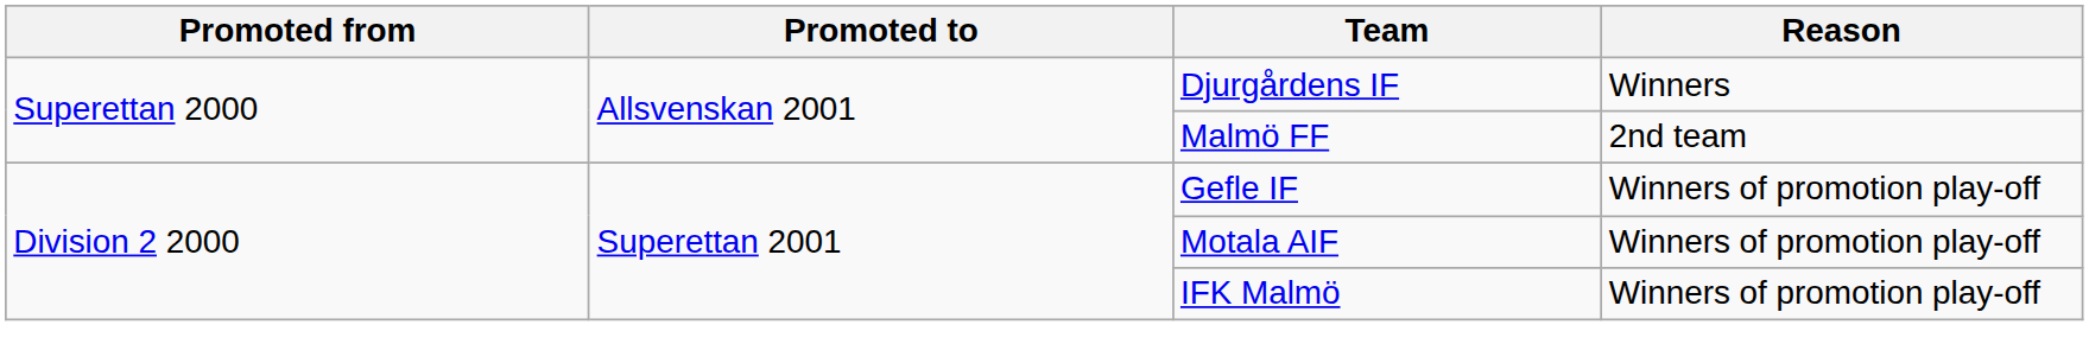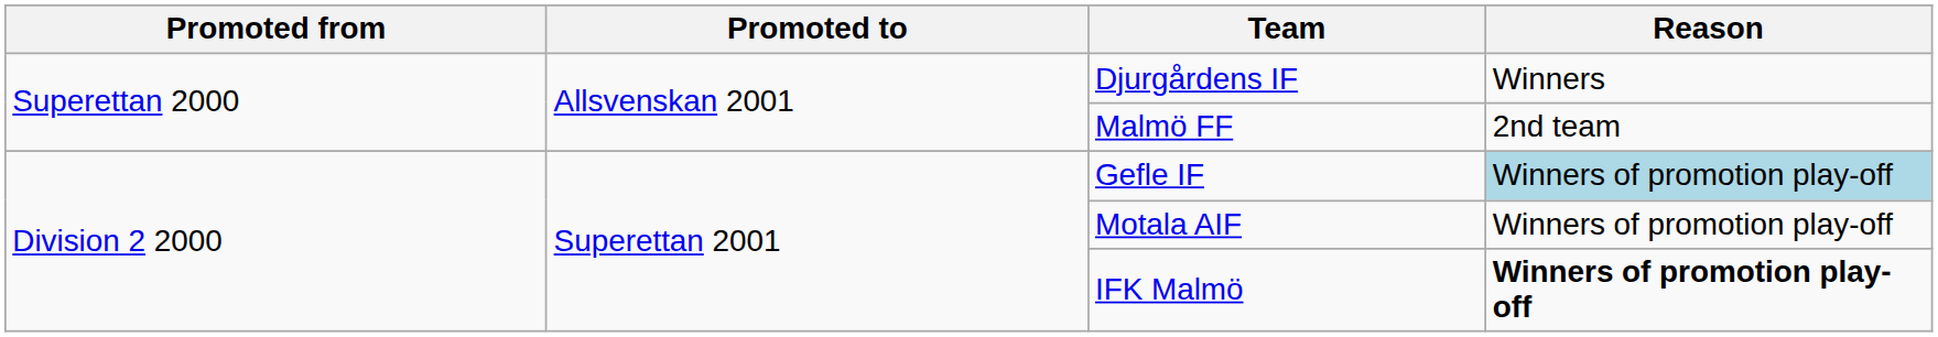 <table class="wikitable" style="text-align: left;">
 <tr>
 <th style="width: 275px;">Promoted from</th>
 <th style="width: 275px;">Promoted to</th>
 <th style="width: 200px;">Team</th>
 <th style="width: 225px;">Reason</th>
 </tr>
 <tr>
 <td rowspan=2><a href='#'>Superettan</a> 2000</td>
 <td rowspan=2><a href='#'>Allsvenskan</a> 2001</td>
 <td><a href='#'>Djurgårdens IF</a></td>
 <td>Winners</td>
 </tr>
 <tr>
 <td><a href='#'>Malmö FF</a></td>
 <td>2nd team</td>
 </tr>
 <tr>
 <td rowspan=3><a href='#'>Division 2</a> 2000</td>
 <td rowspan=3><a href='#'>Superettan</a> 2001</td>
 <td><a href='#'>Gefle IF</a></td>
-<td>Winners of promotion play-off</td>
+<td style="background: lightblue;">Winners of promotion play-off</td>
 </tr>
 <tr>
 <td><a href='#'>Motala AIF</a></td>
 <td>Winners of promotion play-off</td>
 </tr>
 <tr>
 <td><a href='#'>IFK Malmö</a></td>
-<td>Winners of promotion play-off</td>
+<td><strong>Winners of promotion play-off</strong></td>
 </tr>
 </table>
